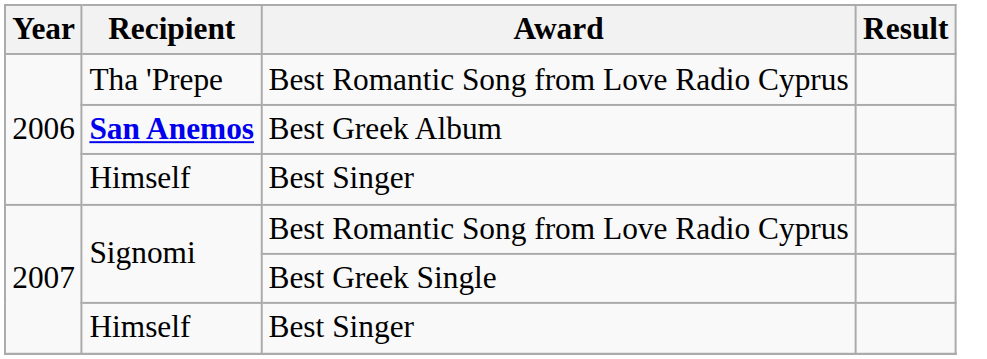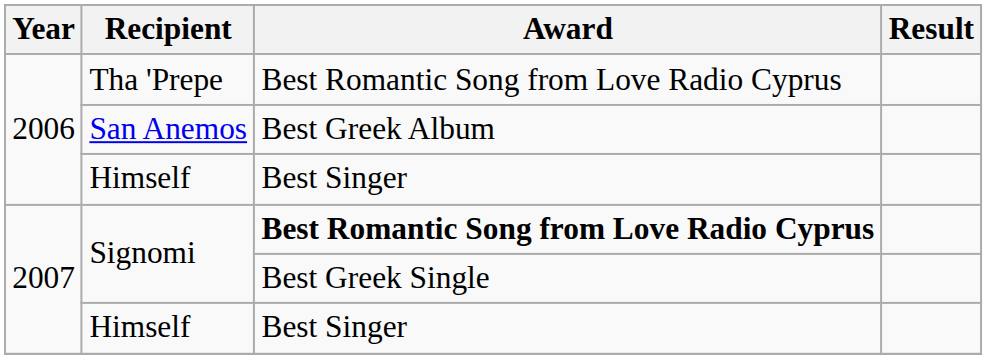 <table class="wikitable">
 <tr>
 <th>Year</th>
 <th>Recipient</th>
 <th>Award</th>
 <th>Result</th>
 </tr>
 <tr>
 <td rowspan="3">2006</td>
 <td>Tha 'Prepe</td>
 <td>Best Romantic Song from Love Radio Cyprus</td>
 <td></td>
 </tr>
 <tr>
-<td><strong><a href='#'>San Anemos</a></strong></td>
+<td><a href='#'>San Anemos</a></td>
 <td>Best Greek Album</td>
 <td></td>
 </tr>
 <tr>
 <td>Himself</td>
 <td>Best Singer</td>
 <td></td>
 </tr>
 <tr>
 <td rowspan="3">2007</td>
 <td rowspan="2">Signomi</td>
-<td>Best Romantic Song from Love Radio Cyprus</td>
+<td><strong>Best Romantic Song from Love Radio Cyprus</strong></td>
 <td></td>
 </tr>
 <tr>
 <td>Best Greek Single</td>
 <td></td>
 </tr>
 <tr>
 <td>Himself</td>
 <td>Best Singer</td>
 <td></td>
 </tr>
 <tr>
 </tr>
 </table>
